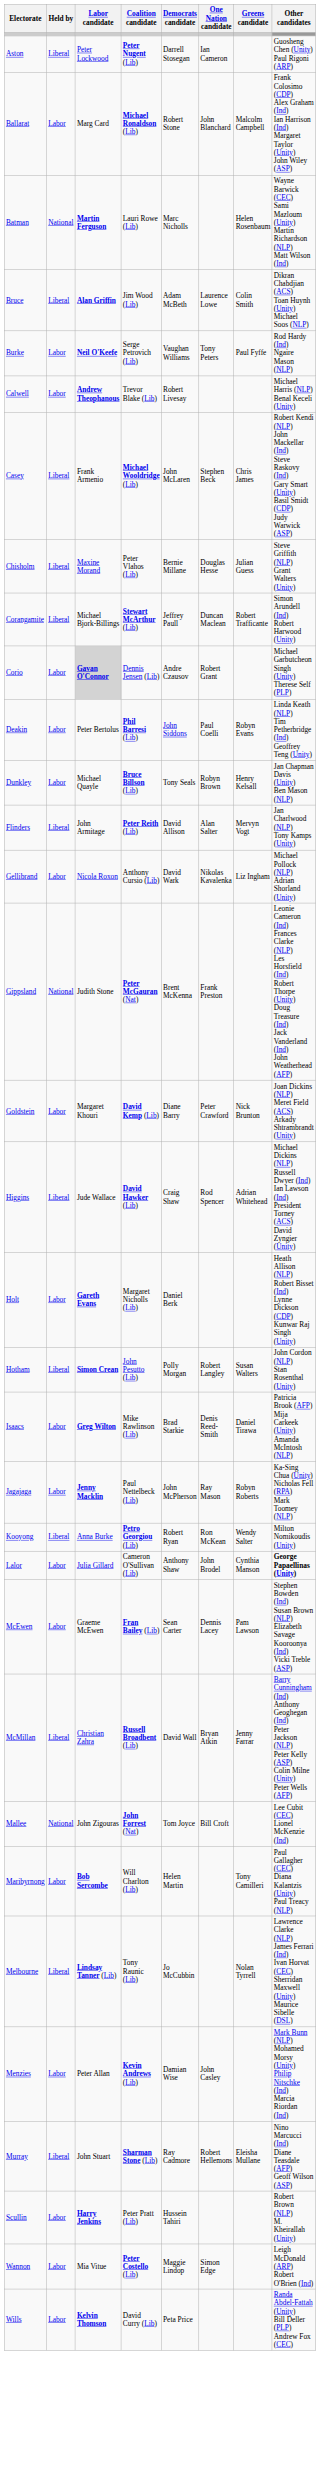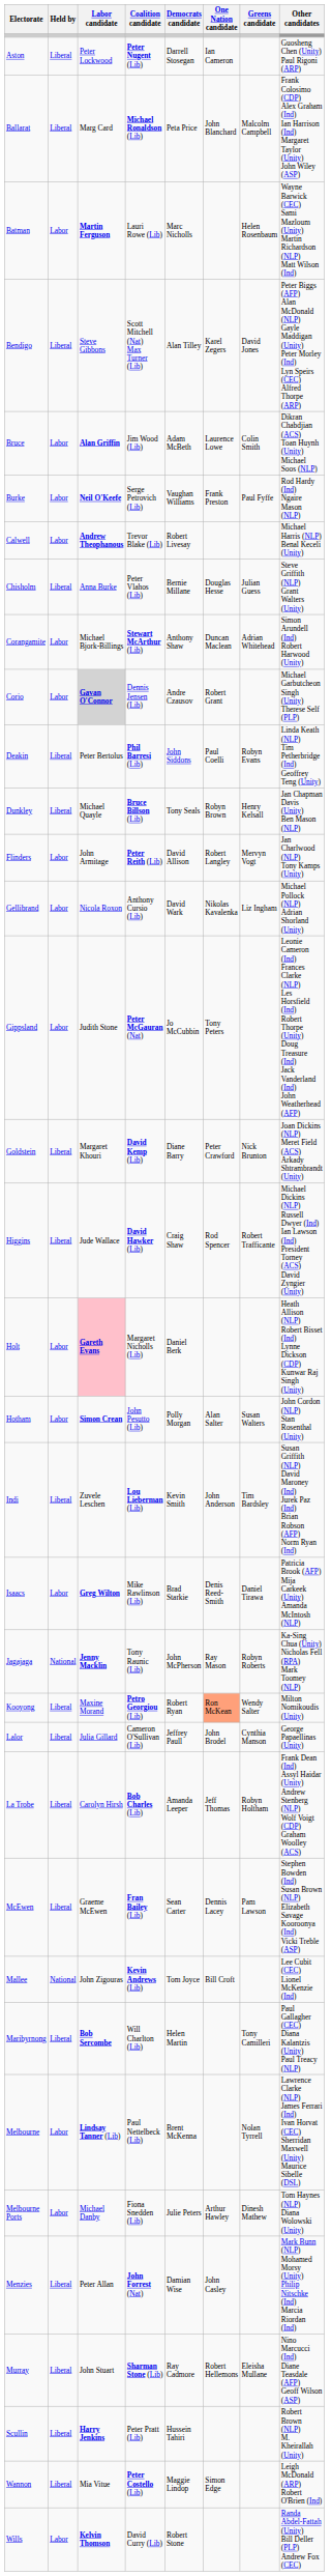 <table class="wikitable">
 <tr>
 <th>Electorate</th>
 <th>Held by</th>
 <th><a href='#'>Labor</a> candidate</th>
 <th><a href='#'>Coalition</a> candidate</th>
 <th><a href='#'>Democrats</a> candidate</th>
 <th><a href='#'>One Nation</a> candidate</th>
 <th><a href='#'>Greens</a> candidate</th>
 <th>Other candidates</th>
 </tr>
 <tr bgcolor="#cccccc">
 <td></td>
 <td></td>
 <td></td>
 <td></td>
 <td></td>
 <td></td>
 <td></td>
 <td bgcolor="#999999"></td>
 </tr>
 <tr>
 <td><a href='#'>Aston</a></td>
 <td><a href='#'>Liberal</a></td>
 <td><a href='#'>Peter Lockwood</a></td>
 <td><strong><a href='#'>Peter Nugent</a></strong> (<a href='#'>Lib</a>)</td>
 <td>Darrell Stosegan</td>
 <td>Ian Cameron</td>
 <td></td>
 <td>Guosheng Chen (<a href='#'>Unity</a>)<br>Paul Rigoni (<a href='#'>ARP</a>)</td>
 </tr>
 <tr>
 <td><a href='#'>Ballarat</a></td>
-<td><a href='#'>Labor</a></td>
+<td><a href='#'>Liberal</a></td>
 <td>Marg Card</td>
 <td><strong><a href='#'>Michael Ronaldson</a></strong> (<a href='#'>Lib</a>)</td>
-<td>Robert Stone</td>
+<td>Peta Price</td>
 <td>John Blanchard</td>
 <td>Malcolm Campbell</td>
 <td>Frank Colosimo (<a href='#'>CDP</a>)<br>Alex Graham (<a href='#'>Ind</a>)<br>Ian Harrison (<a href='#'>Ind</a>)<br>Margaret Taylor (<a href='#'>Unity</a>)<br>John Wiley (<a href='#'>ASP</a>)</td>
 </tr>
 <tr>
 <td><a href='#'>Batman</a></td>
-<td><a href='#'>National</a></td>
+<td><a href='#'>Labor</a></td>
 <td><strong><a href='#'>Martin Ferguson</a></strong></td>
 <td>Lauri Rowe (<a href='#'>Lib</a>)</td>
 <td>Marc Nicholls</td>
 <td></td>
 <td>Helen Rosenbaum</td>
 <td>Wayne Barwick (<a href='#'>CEC</a>)<br>Sami Mazloum (<a href='#'>Unity</a>)<br>Martin Richardson (<a href='#'>NLP</a>)<br>Matt Wilson (<a href='#'>Ind</a>)</td>
 </tr>
 <tr>
+<td><a href='#'>Bendigo</a></td>
+<td><a href='#'>Liberal</a></td>
+<td><a href='#'>Steve Gibbons</a></td>
+<td>Scott Mitchell (<a href='#'>Nat</a>)<br><a href='#'>Max Turner</a> (<a href='#'>Lib</a>)</td>
+<td>Alan Tilley</td>
+<td>Karel Zegers</td>
+<td>David Jones</td>
+<td>Peter Biggs (<a href='#'>AFP</a>)<br>Alan McDonald (<a href='#'>NLP</a>)<br>Gayle Maddigan (<a href='#'>Unity</a>)<br>Peter Morley (<a href='#'>Ind</a>)<br>Lyn Speirs (<a href='#'>CEC</a>)<br>Alfred Thorpe (<a href='#'>ARP</a>)</td>
+</tr>
+<tr>
 <td><a href='#'>Bruce</a></td>
-<td><a href='#'>Liberal</a></td>
+<td><a href='#'>Labor</a></td>
 <td><strong><a href='#'>Alan Griffin</a></strong></td>
 <td>Jim Wood (<a href='#'>Lib</a>)</td>
 <td>Adam McBeth</td>
 <td>Laurence Lowe</td>
 <td>Colin Smith</td>
 <td>Dikran Chabdjian (<a href='#'>ACS</a>)<br>Toan Huynh (<a href='#'>Unity</a>)<br>Michael Soos (<a href='#'>NLP</a>)</td>
 </tr>
 <tr>
 <td><a href='#'>Burke</a></td>
 <td><a href='#'>Labor</a></td>
 <td><strong><a href='#'>Neil O'Keefe</a></strong></td>
 <td>Serge Petrovich (<a href='#'>Lib</a>)</td>
 <td>Vaughan Williams</td>
-<td>Tony Peters</td>
+<td>Frank Preston</td>
 <td>Paul Fyffe</td>
 <td>Rod Hardy (<a href='#'>Ind</a>)<br>Ngaire Mason (<a href='#'>NLP</a>)</td>
 </tr>
 <tr>
 <td><a href='#'>Calwell</a></td>
 <td><a href='#'>Labor</a></td>
 <td><strong><a href='#'>Andrew Theophanous</a></strong></td>
 <td>Trevor Blake (<a href='#'>Lib</a>)</td>
 <td>Robert Livesay</td>
 <td></td>
 <td></td>
 <td>Michael Harris (<a href='#'>NLP</a>)<br>Benal Keceli (<a href='#'>Unity</a>)</td>
 </tr>
 <tr>
-<td><a href='#'>Casey</a></td>
-<td><a href='#'>Liberal</a></td>
-<td>Frank Armenio</td>
-<td><strong><a href='#'>Michael Wooldridge</a></strong> (<a href='#'>Lib</a>)</td>
-<td>John McLaren</td>
-<td>Stephen Beck</td>
-<td>Chris James</td>
-<td>Robert Kendi (<a href='#'>NLP</a>)<br>John Mackellar (<a href='#'>Ind</a>)<br> Steve Raskovy (<a href='#'>Ind</a>)<br>Gary Smart (<a href='#'>Unity</a>)<br>Basil Smidt (<a href='#'>CDP</a>)<br>Judy Warwick (<a href='#'>ASP</a>)</td>
-</tr>
-<tr>
 <td><a href='#'>Chisholm</a></td>
 <td><a href='#'>Liberal</a></td>
-<td><a href='#'>Maxine Morand</a></td>
+<td><a href='#'>Anna Burke</a></td>
 <td>Peter Vlahos (<a href='#'>Lib</a>)</td>
 <td>Bernie Millane</td>
 <td>Douglas Hesse</td>
 <td>Julian Guess</td>
 <td>Steve Griffith (<a href='#'>NLP</a>)<br>Grant Walters (<a href='#'>Unity</a>)</td>
 </tr>
 <tr>
 <td><a href='#'>Corangamite</a></td>
-<td><a href='#'>Liberal</a></td>
+<td><a href='#'>Labor</a></td>
 <td>Michael Bjork-Billings</td>
 <td><strong><a href='#'>Stewart McArthur</a></strong> (<a href='#'>Lib</a>)</td>
-<td>Jeffrey Paull</td>
+<td>Anthony Shaw</td>
 <td>Duncan Maclean</td>
-<td>Robert Trafficante</td>
+<td>Adrian Whitehead</td>
 <td>Simon Arundell (<a href='#'>Ind</a>)<br>Robert Harwood (<a href='#'>Unity</a>)</td>
 </tr>
 <tr>
 <td><a href='#'>Corio</a></td>
 <td><a href='#'>Labor</a></td>
 <td style="background: lightgrey;"><strong><a href='#'>Gavan O'Connor</a></strong></td>
 <td><a href='#'>Dennis Jensen</a> (<a href='#'>Lib</a>)</td>
 <td>Andre Czausov</td>
 <td>Robert Grant</td>
 <td></td>
 <td>Michael Garbutcheon Singh (<a href='#'>Unity</a>)<br>Therese Self (<a href='#'>PLP</a>)</td>
 </tr>
 <tr>
 <td><a href='#'>Deakin</a></td>
-<td><a href='#'>Labor</a></td>
+<td><a href='#'>Liberal</a></td>
 <td>Peter Bertolus</td>
 <td><strong><a href='#'>Phil Barresi</a></strong> (<a href='#'>Lib</a>)</td>
 <td><a href='#'>John Siddons</a></td>
 <td>Paul Coelli</td>
 <td>Robyn Evans</td>
 <td>Linda Keath (<a href='#'>NLP</a>)<br>Tim Petherbridge (<a href='#'>Ind</a>)<br>Geoffrey Teng (<a href='#'>Unity</a>)</td>
 </tr>
 <tr>
 <td><a href='#'>Dunkley</a></td>
-<td><a href='#'>Labor</a></td>
+<td><a href='#'>Liberal</a></td>
 <td>Michael Quayle</td>
 <td><strong><a href='#'>Bruce Billson</a></strong> (<a href='#'>Lib</a>)</td>
 <td>Tony Seals</td>
 <td>Robyn Brown</td>
 <td>Henry Kelsall</td>
 <td>Jan Chapman Davis (<a href='#'>Unity</a>)<br>Ben Mason (<a href='#'>NLP</a>)</td>
 </tr>
 <tr>
 <td><a href='#'>Flinders</a></td>
-<td><a href='#'>Liberal</a></td>
+<td><a href='#'>Labor</a></td>
 <td>John Armitage</td>
 <td><strong><a href='#'>Peter Reith</a></strong> (<a href='#'>Lib</a>)</td>
 <td>David Allison</td>
-<td>Alan Salter</td>
+<td>Robert Langley</td>
 <td>Mervyn Vogt</td>
 <td>Jan Charlwood (<a href='#'>NLP</a>)<br>Tony Kamps (<a href='#'>Unity</a>)</td>
 </tr>
 <tr>
 <td><a href='#'>Gellibrand</a></td>
 <td><a href='#'>Labor</a></td>
 <td><a href='#'>Nicola Roxon</a></td>
 <td>Anthony Cursio (<a href='#'>Lib</a>)</td>
 <td>David Wark</td>
 <td>Nikolas Kavalenka</td>
 <td>Liz Ingham</td>
 <td>Michael Pollock (<a href='#'>NLP</a>)<br>Adrian Shorland (<a href='#'>Unity</a>)</td>
 </tr>
 <tr>
 <td><a href='#'>Gippsland</a></td>
-<td><a href='#'>National</a></td>
+<td><a href='#'>Labor</a></td>
 <td>Judith Stone</td>
 <td><strong><a href='#'>Peter McGauran</a></strong> (<a href='#'>Nat</a>)</td>
-<td>Brent McKenna</td>
-<td>Frank Preston</td>
+<td>Jo McCubbin</td>
+<td>Tony Peters</td>
 <td></td>
 <td>Leonie Cameron (<a href='#'>Ind</a>)<br>Frances Clarke (<a href='#'>NLP</a>)<br>Les Horsfield (<a href='#'>Ind</a>)<br>Robert Thorpe (<a href='#'>Unity</a>)<br>Doug Treasure (<a href='#'>Ind</a>)<br>Jack Vanderland (<a href='#'>Ind</a>)<br>John Weatherhead (<a href='#'>AFP</a>)</td>
 </tr>
 <tr>
 <td><a href='#'>Goldstein</a></td>
-<td><a href='#'>Labor</a></td>
+<td><a href='#'>Liberal</a></td>
 <td>Margaret Khouri</td>
 <td><strong><a href='#'>David Kemp</a></strong> (<a href='#'>Lib</a>)</td>
 <td>Diane Barry</td>
 <td>Peter Crawford</td>
 <td>Nick Brunton</td>
 <td>Joan Dickins (<a href='#'>NLP</a>)<br>Meret Field (<a href='#'>ACS</a>)<br>Arkady Shtrambrandt (<a href='#'>Unity</a>)</td>
 </tr>
 <tr>
 <td><a href='#'>Higgins</a></td>
 <td><a href='#'>Liberal</a></td>
 <td>Jude Wallace</td>
 <td><strong><a href='#'>David Hawker</a></strong> (<a href='#'>Lib</a>)</td>
 <td>Craig Shaw</td>
 <td>Rod Spencer</td>
-<td>Adrian Whitehead</td>
+<td>Robert Trafficante</td>
 <td>Michael Dickins (<a href='#'>NLP</a>)<br>Russell Dwyer (<a href='#'>Ind</a>)<br>Ian Lawson (<a href='#'>Ind</a>)<br>President Torney (<a href='#'>ACS</a>)<br>David Zyngier (<a href='#'>Unity</a>)</td>
 </tr>
 <tr>
 <td><a href='#'>Holt</a></td>
 <td><a href='#'>Labor</a></td>
-<td><strong><a href='#'>Gareth Evans</a></strong></td>
+<td style="background: pink;"><strong><a href='#'>Gareth Evans</a></strong></td>
 <td>Margaret Nicholls (<a href='#'>Lib</a>)</td>
 <td>Daniel Berk</td>
 <td></td>
 <td></td>
 <td>Heath Allison (<a href='#'>NLP</a>)<br>Robert Bisset (<a href='#'>Ind</a>)<br>Lynne Dickson (<a href='#'>CDP</a>)<br>Kunwar Raj Singh (<a href='#'>Unity</a>)</td>
 </tr>
 <tr>
 <td><a href='#'>Hotham</a></td>
-<td><a href='#'>Liberal</a></td>
+<td><a href='#'>Labor</a></td>
 <td><strong><a href='#'>Simon Crean</a></strong></td>
 <td><a href='#'>John Pesutto</a> (<a href='#'>Lib</a>)</td>
 <td>Polly Morgan</td>
-<td>Robert Langley</td>
+<td>Alan Salter</td>
 <td>Susan Walters</td>
 <td>John Cordon (<a href='#'>NLP</a>)<br>Stan Rosenthal (<a href='#'>Unity</a>)</td>
+</tr>
+<tr>
+<td><a href='#'>Indi</a></td>
+<td><a href='#'>Liberal</a></td>
+<td>Zuvele Leschen</td>
+<td><strong><a href='#'>Lou Lieberman</a></strong> (<a href='#'>Lib</a>)</td>
+<td>Kevin Smith</td>
+<td>John Anderson</td>
+<td>Tim Bardsley</td>
+<td>Susan Griffith (<a href='#'>NLP</a>)<br>David Maroney (<a href='#'>Ind</a>)<br>Jurek Paz (<a href='#'>Ind</a>)<br>Brian Robson (<a href='#'>AFP</a>)<br>Norm Ryan (<a href='#'>Ind</a>)</td>
 </tr>
 <tr>
 <td><a href='#'>Isaacs</a></td>
 <td><a href='#'>Labor</a></td>
 <td><strong><a href='#'>Greg Wilton</a></strong></td>
 <td>Mike Rawlinson (<a href='#'>Lib</a>)</td>
 <td>Brad Starkie</td>
 <td>Denis Reed-Smith</td>
 <td>Daniel Tirawa</td>
 <td>Patricia Brook (<a href='#'>AFP</a>)<br>Mija Carkeek (<a href='#'>Unity</a>)<br>Amanda McIntosh (<a href='#'>NLP</a>)</td>
 </tr>
 <tr>
 <td><a href='#'>Jagajaga</a></td>
-<td><a href='#'>Labor</a></td>
+<td><a href='#'>National</a></td>
 <td><strong><a href='#'>Jenny Macklin</a></strong></td>
-<td>Paul Nettelbeck (<a href='#'>Lib</a>)</td>
+<td>Tony Raunic (<a href='#'>Lib</a>)</td>
 <td>John McPherson</td>
 <td>Ray Mason</td>
 <td>Robyn Roberts</td>
 <td>Ka-Sing Chua (<a href='#'>Unity</a>)<br>Nicholas Fell (<a href='#'>RPA</a>)<br>Mark Toomey (<a href='#'>NLP</a>)</td>
 </tr>
 <tr>
 <td><a href='#'>Kooyong</a></td>
 <td><a href='#'>Liberal</a></td>
-<td><a href='#'>Anna Burke</a></td>
+<td><a href='#'>Maxine Morand</a></td>
 <td><strong><a href='#'>Petro Georgiou</a></strong> (<a href='#'>Lib</a>)</td>
 <td>Robert Ryan</td>
-<td>Ron McKean</td>
+<td style="background: lightsalmon;">Ron McKean</td>
 <td>Wendy Salter</td>
 <td>Milton Nomikoudis (<a href='#'>Unity</a>)</td>
 </tr>
 <tr>
 <td><a href='#'>Lalor</a></td>
-<td><a href='#'>Labor</a></td>
+<td><a href='#'>Liberal</a></td>
 <td><a href='#'>Julia Gillard</a></td>
 <td>Cameron O'Sullivan (<a href='#'>Lib</a>)</td>
-<td>Anthony Shaw</td>
+<td>Jeffrey Paull</td>
 <td>John Brodel</td>
 <td>Cynthia Manson</td>
-<td><strong>George Papaellinas (<a href='#'>Unity</a>)</strong></td>
+<td>George Papaellinas (<a href='#'>Unity</a>)</td>
+</tr>
+<tr>
+<td><a href='#'>La Trobe</a></td>
+<td><a href='#'>Liberal</a></td>
+<td><a href='#'>Carolyn Hirsh</a></td>
+<td><strong><a href='#'>Bob Charles</a></strong> (<a href='#'>Lib</a>)</td>
+<td>Amanda Leeper</td>
+<td>Jeff Thomas</td>
+<td>Robyn Holtham</td>
+<td>Frank Dean (<a href='#'>Ind</a>)<br>Assyl Haidar (<a href='#'>Unity</a>)<br>Andrew Stenberg (<a href='#'>NLP</a>)<br>Wolf Voigt (<a href='#'>CDP</a>)<br>Graham Woolley (<a href='#'>ACS</a>)</td>
 </tr>
 <tr>
 <td><a href='#'>McEwen</a></td>
-<td><a href='#'>Labor</a></td>
+<td><a href='#'>Liberal</a></td>
 <td>Graeme McEwen</td>
 <td><strong><a href='#'>Fran Bailey</a></strong> (<a href='#'>Lib</a>)</td>
 <td>Sean Carter</td>
 <td>Dennis Lacey</td>
 <td>Pam Lawson</td>
 <td>Stephen Bowden (<a href='#'>Ind</a>)<br>Susan Brown (<a href='#'>NLP</a>)<br>Elizabeth Savage Kooroonya (<a href='#'>Ind</a>)<br>Vicki Treble (<a href='#'>ASP</a>)</td>
 </tr>
 <tr>
-<td><a href='#'>McMillan</a></td>
-<td><a href='#'>Liberal</a></td>
-<td><a href='#'>Christian Zahra</a></td>
-<td><strong><a href='#'>Russell Broadbent</a></strong> (<a href='#'>Lib</a>)</td>
-<td>David Wall</td>
-<td>Bryan Atkin</td>
-<td>Jenny Farrar</td>
-<td><a href='#'>Barry Cunningham</a> (<a href='#'>Ind</a>)<br>Anthony Geoghegan (<a href='#'>Ind</a>)<br>Peter Jackson (<a href='#'>NLP</a>)<br>Peter Kelly (<a href='#'>ASP</a>)<br>Colin Milne (<a href='#'>Unity</a>)<br>Peter Wells (<a href='#'>AFP</a>)</td>
-</tr>
-<tr>
 <td><a href='#'>Mallee</a></td>
 <td><a href='#'>National</a></td>
 <td>John Zigouras</td>
-<td><strong><a href='#'>John Forrest</a></strong> (<a href='#'>Nat</a>)</td>
+<td><strong><a href='#'>Kevin Andrews</a></strong> (<a href='#'>Lib</a>)</td>
 <td>Tom Joyce</td>
 <td>Bill Croft</td>
 <td></td>
 <td>Lee Cubit (<a href='#'>CEC</a>)<br>Lionel McKenzie (<a href='#'>Ind</a>)</td>
 </tr>
 <tr>
 <td><a href='#'>Maribyrnong</a></td>
-<td><a href='#'>Labor</a></td>
+<td><a href='#'>Liberal</a></td>
 <td><strong><a href='#'>Bob Sercombe</a></strong></td>
 <td>Will Charlton (<a href='#'>Lib</a>)</td>
 <td>Helen Martin</td>
 <td></td>
 <td>Tony Camilleri</td>
 <td>Paul Gallagher (<a href='#'>CEC</a>)<br>Diana Kalantzis (<a href='#'>Unity</a>)<br>Paul Treacy (<a href='#'>NLP</a>)</td>
 </tr>
 <tr>
 <td><a href='#'>Melbourne</a></td>
-<td><a href='#'>Liberal</a></td>
+<td><a href='#'>Labor</a></td>
 <td><strong><a href='#'>Lindsay Tanner</a></strong> (<a href='#'>Lib</a>)</td>
-<td>Tony Raunic (<a href='#'>Lib</a>)</td>
-<td>Jo McCubbin</td>
+<td>Paul Nettelbeck (<a href='#'>Lib</a>)</td>
+<td>Brent McKenna</td>
 <td></td>
 <td>Nolan Tyrrell</td>
 <td>Lawrence Clarke (<a href='#'>NLP</a>)<br>James Ferrari (<a href='#'>Ind</a>)<br>Ivan Horvat (<a href='#'>CEC</a>)<br>Sherridan Maxwell (<a href='#'>Unity</a>)<br>Maurice Sibelle (<a href='#'>DSL</a>)</td>
 </tr>
 <tr>
+<td><a href='#'>Melbourne Ports</a></td>
+<td><a href='#'>Labor</a></td>
+<td><a href='#'>Michael Danby</a></td>
+<td>Fiona Snedden (<a href='#'>Lib</a>)</td>
+<td>Julie Peters</td>
+<td>Arthur Hawley</td>
+<td>Dinesh Mathew</td>
+<td>Tom Haynes (<a href='#'>NLP</a>)<br>Diana Wolowski (<a href='#'>Unity</a>)</td>
+</tr>
+<tr>
 <td><a href='#'>Menzies</a></td>
-<td><a href='#'>Labor</a></td>
+<td><a href='#'>Liberal</a></td>
 <td>Peter Allan</td>
-<td><strong><a href='#'>Kevin Andrews</a></strong> (<a href='#'>Lib</a>)</td>
+<td><strong><a href='#'>John Forrest</a></strong> (<a href='#'>Nat</a>)</td>
 <td>Damian Wise</td>
 <td>John Casley</td>
 <td></td>
 <td><a href='#'>Mark Bunn</a> (<a href='#'>NLP</a>)<br>Mohamed Morsy (<a href='#'>Unity</a>)<br><a href='#'>Philip Nitschke</a> (<a href='#'>Ind</a>)<br>Marcia Riordan (<a href='#'>Ind</a>)</td>
 </tr>
 <tr>
 <td><a href='#'>Murray</a></td>
 <td><a href='#'>Liberal</a></td>
 <td>John Stuart</td>
 <td><strong><a href='#'>Sharman Stone</a></strong> (<a href='#'>Lib</a>)</td>
 <td>Ray Cadmore</td>
 <td>Robert Hellemons</td>
 <td>Eleisha Mullane</td>
 <td>Nino Marcucci (<a href='#'>Ind</a>)<br>Diane Teasdale (<a href='#'>AFP</a>)<br>Geoff Wilson (<a href='#'>ASP</a>)</td>
 </tr>
 <tr>
 <td><a href='#'>Scullin</a></td>
-<td><a href='#'>Labor</a></td>
+<td><a href='#'>Liberal</a></td>
 <td><strong><a href='#'>Harry Jenkins</a></strong></td>
 <td>Peter Pratt (<a href='#'>Lib</a>)</td>
 <td>Hussein Tahiri</td>
 <td></td>
 <td></td>
 <td>Robert Brown (<a href='#'>NLP</a>)<br>M. Kheirallah (<a href='#'>Unity</a>)</td>
 </tr>
 <tr>
 <td><a href='#'>Wannon</a></td>
-<td><a href='#'>Labor</a></td>
+<td><a href='#'>Liberal</a></td>
 <td>Mia Vitue</td>
 <td><strong><a href='#'>Peter Costello</a></strong> (<a href='#'>Lib</a>)</td>
 <td>Maggie Lindop</td>
 <td>Simon Edge</td>
 <td></td>
 <td>Leigh McDonald (<a href='#'>ARP</a>)<br>Robert O'Brien (<a href='#'>Ind</a>)</td>
 </tr>
 <tr>
 <td><a href='#'>Wills</a></td>
 <td><a href='#'>Labor</a></td>
 <td><strong><a href='#'>Kelvin Thomson</a></strong></td>
 <td>David Curry (<a href='#'>Lib</a>)</td>
-<td>Peta Price</td>
+<td>Robert Stone</td>
 <td></td>
 <td></td>
 <td><a href='#'>Randa Abdel-Fattah</a> (<a href='#'>Unity</a>)<br>Bill Deller (<a href='#'>PLP</a>)<br>Andrew Fox (<a href='#'>CEC</a>)</td>
 </tr>
 </table>
